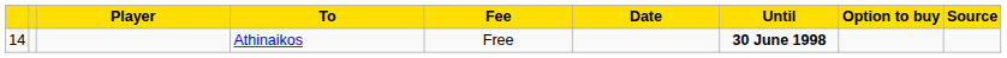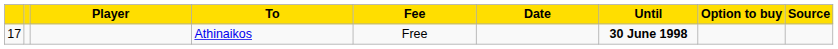 <table class="wikitable sortable">
 <tr>
 <th style="background:#FFDE00"></th>
 <th style="background:#FFDE00"></th>
 <th width=200 style="background:#FFDE00">Player</th>
 <th width=200 style="background:#FFDE00">To</th>
 <th width=150 style="background:#FFDE00">Fee</th>
 <th width=150 style="background:#FFDE00">Date</th>
 <th width=120 style="background:#FFDE00">Until</th>
 <th style="background:#FFDE00">Option to buy</th>
 <th style="background:#FFDE00">Source</th>
 </tr>
 <tr>
-<td align=center>14</td>
+<td align=center>17</td>
 <td align=center></td>
 <td></td>
 <td> <a href='#'>Athinaikos</a></td>
 <td align=center>Free</td>
 <td align=center></td>
 <td align=center><strong>30 June 1998</strong></td>
 <td align=center></td>
 <td align=center></td>
 </tr>
 </table>
